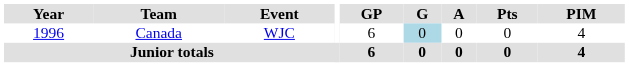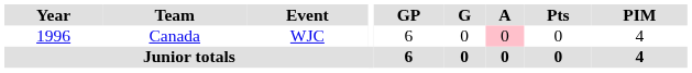 <table border="0" cellpadding="1" cellspacing="0" ID="Table3" style="text-align:center; width:40em">
 <tr bgcolor="#e0e0e0">
 <th>Year</th>
 <th>Team</th>
 <th>Event</th>
 <th rowspan="102" bgcolor="#ffffff"></th>
 <th>GP</th>
 <th>G</th>
 <th>A</th>
 <th>Pts</th>
 <th>PIM</th>
 </tr>
 <tr>
 <td><a href='#'>1996</a></td>
 <td><a href='#'>Canada</a></td>
 <td><a href='#'>WJC</a></td>
 <td>6</td>
-<td style="background: lightblue;">0</td>
 <td>0</td>
+<td style="background: pink;">0</td>
 <td>0</td>
 <td>4</td>
 </tr>
 <tr bgcolor="#e0e0e0">
 <th colspan="4">Junior totals</th>
 <th>6</th>
 <th>0</th>
 <th>0</th>
 <th>0</th>
 <th>4</th>
 </tr>
 </table>
